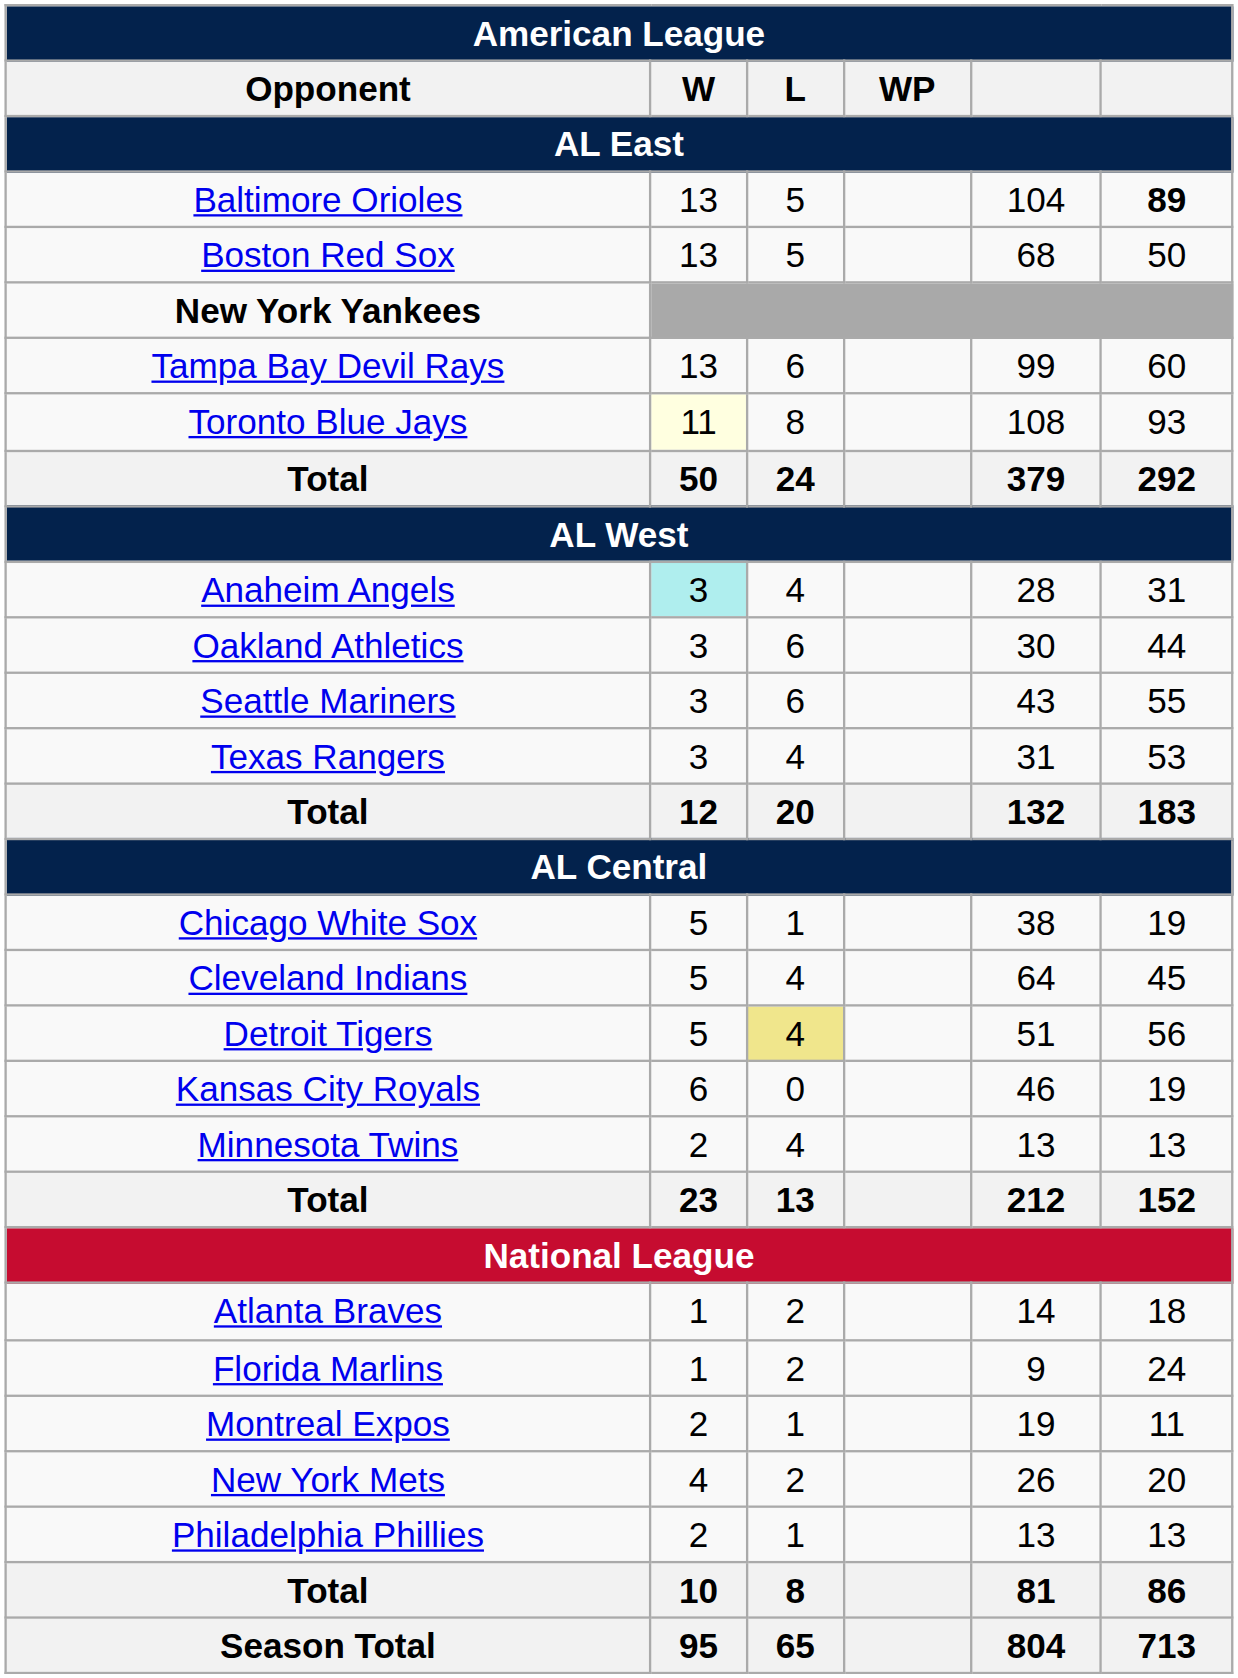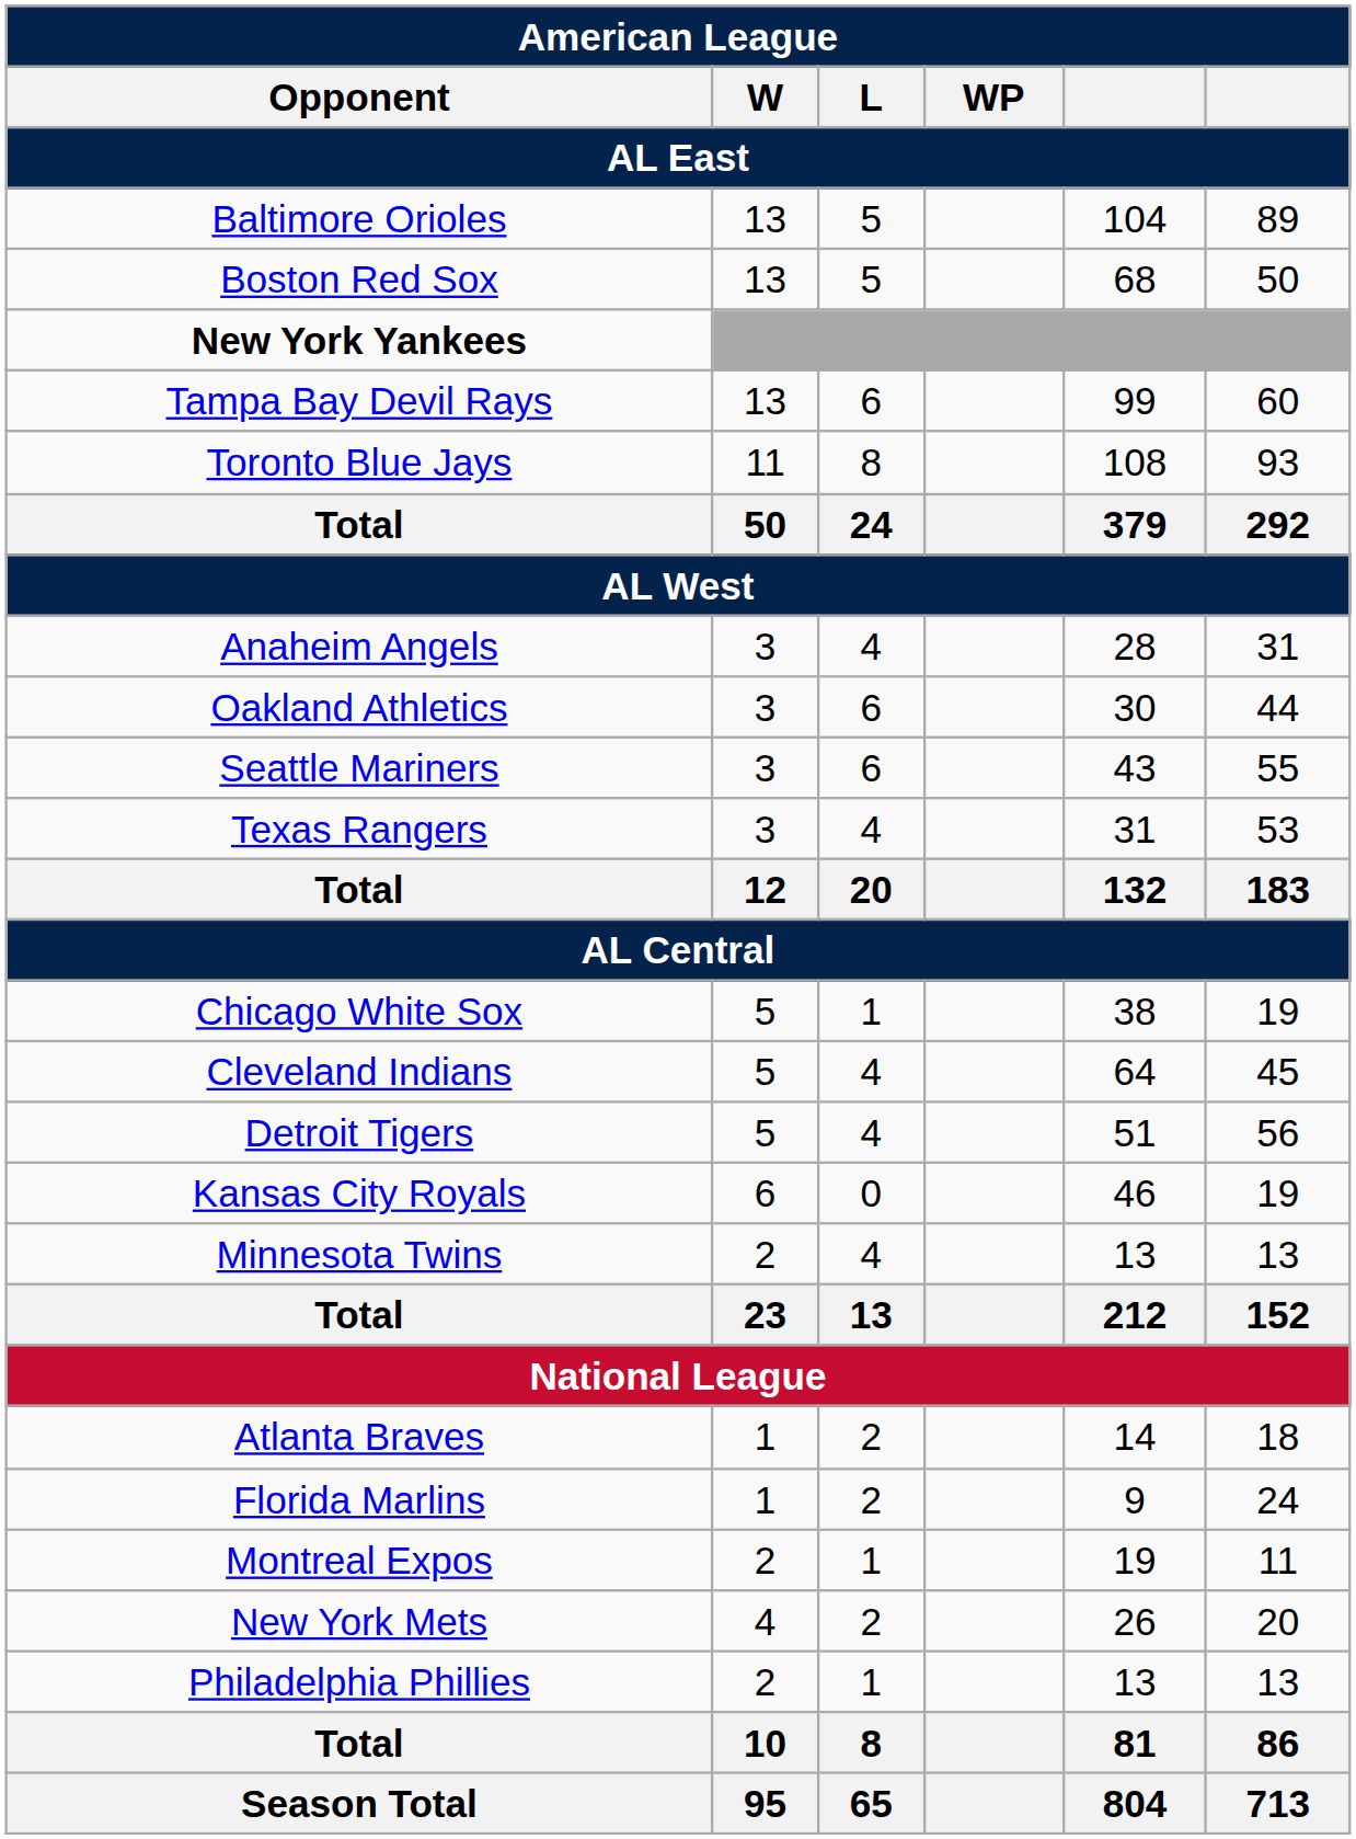 <table class="wikitable" style="font-size:95%; text-align:center; width:35em;margin: 0.5em auto;">
 <tr>
 <th colspan="7" style="background:#03224c; color:#ffffff;">American League</th>
 </tr>
 <tr>
 <th>Opponent</th>
 <th>W</th>
 <th>L</th>
 <th>WP</th>
 <th></th>
 <th></th>
 </tr>
 <tr>
 <th colspan="7" style="background:#03224c; color:#ffffff;">AL East</th>
 </tr>
 <tr>
 <td><a href='#'>Baltimore Orioles</a></td>
 <td>13</td>
 <td>5</td>
 <td></td>
 <td>104</td>
-<td><strong>89</strong></td>
+<td>89</td>
 </tr>
 <tr>
 <td><a href='#'>Boston Red Sox</a></td>
 <td>13</td>
 <td>5</td>
 <td></td>
 <td>68</td>
 <td>50</td>
 </tr>
 <tr>
 <td><strong>New York Yankees</strong></td>
 <td colspan=5 style="background:darkgray;"></td>
 </tr>
 <tr>
 <td><a href='#'>Tampa Bay Devil Rays</a></td>
 <td>13</td>
 <td>6</td>
 <td></td>
 <td>99</td>
 <td>60</td>
 </tr>
 <tr>
 <td><a href='#'>Toronto Blue Jays</a></td>
-<td style="background: lightyellow;">11</td>
+<td>11</td>
 <td>8</td>
 <td></td>
 <td>108</td>
 <td>93</td>
 </tr>
 <tr>
 <th>Total</th>
 <th>50</th>
 <th>24</th>
 <th></th>
 <th>379</th>
 <th>292</th>
 </tr>
 <tr>
 <th colspan="7" style="background:#03224c; color:#ffffff;">AL West</th>
 </tr>
 <tr>
 <td><a href='#'>Anaheim Angels</a></td>
-<td style="background: paleturquoise;">3</td>
+<td>3</td>
 <td>4</td>
 <td></td>
 <td>28</td>
 <td>31</td>
 </tr>
 <tr>
 <td><a href='#'>Oakland Athletics</a></td>
 <td>3</td>
 <td>6</td>
 <td></td>
 <td>30</td>
 <td>44</td>
 </tr>
 <tr>
 <td><a href='#'>Seattle Mariners</a></td>
 <td>3</td>
 <td>6</td>
 <td></td>
 <td>43</td>
 <td>55</td>
 </tr>
 <tr>
 <td><a href='#'>Texas Rangers</a></td>
 <td>3</td>
 <td>4</td>
 <td></td>
 <td>31</td>
 <td>53</td>
 </tr>
 <tr>
 <th>Total</th>
 <th>12</th>
 <th>20</th>
 <th></th>
 <th>132</th>
 <th>183</th>
 </tr>
 <tr>
 <th colspan="7" style="background:#03224c; color:#ffffff;">AL Central</th>
 </tr>
 <tr>
 <td><a href='#'>Chicago White Sox</a></td>
 <td>5</td>
 <td>1</td>
 <td></td>
 <td>38</td>
 <td>19</td>
 </tr>
 <tr>
 <td><a href='#'>Cleveland Indians</a></td>
 <td>5</td>
 <td>4</td>
 <td></td>
 <td>64</td>
 <td>45</td>
 </tr>
 <tr>
 <td><a href='#'>Detroit Tigers</a></td>
 <td>5</td>
-<td style="background: khaki;">4</td>
+<td>4</td>
 <td></td>
 <td>51</td>
 <td>56</td>
 </tr>
 <tr>
 <td><a href='#'>Kansas City Royals</a></td>
 <td>6</td>
 <td>0</td>
 <td></td>
 <td>46</td>
 <td>19</td>
 </tr>
 <tr>
 <td><a href='#'>Minnesota Twins</a></td>
 <td>2</td>
 <td>4</td>
 <td></td>
 <td>13</td>
 <td>13</td>
 </tr>
 <tr>
 <th>Total</th>
 <th>23</th>
 <th>13</th>
 <th></th>
 <th>212</th>
 <th>152</th>
 </tr>
 <tr>
 <th colspan="7" style="background:#c60c30; color:#ffffff;">National League</th>
 </tr>
 <tr>
 <td><a href='#'>Atlanta Braves</a></td>
 <td>1</td>
 <td>2</td>
 <td></td>
 <td>14</td>
 <td>18</td>
 </tr>
 <tr>
 <td><a href='#'>Florida Marlins</a></td>
 <td>1</td>
 <td>2</td>
 <td></td>
 <td>9</td>
 <td>24</td>
 </tr>
 <tr>
 <td><a href='#'>Montreal Expos</a></td>
 <td>2</td>
 <td>1</td>
 <td></td>
 <td>19</td>
 <td>11</td>
 </tr>
 <tr>
 <td><a href='#'>New York Mets</a></td>
 <td>4</td>
 <td>2</td>
 <td></td>
 <td>26</td>
 <td>20</td>
 </tr>
 <tr>
 <td><a href='#'>Philadelphia Phillies</a></td>
 <td>2</td>
 <td>1</td>
 <td></td>
 <td>13</td>
 <td>13</td>
 </tr>
 <tr>
 <th>Total</th>
 <th>10</th>
 <th>8</th>
 <th></th>
 <th>81</th>
 <th>86</th>
 </tr>
 <tr>
 <th>Season Total</th>
 <th>95</th>
 <th>65</th>
 <th></th>
 <th>804</th>
 <th>713</th>
 </tr>
 </table>
